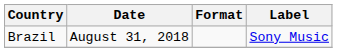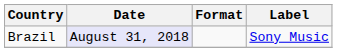 <table class="wikitable sortable plainrowheaders">
 <tr>
 <th>Country</th>
 <th>Date</th>
 <th>Format</th>
 <th>Label</th>
 </tr>
 <tr>
 <td>Brazil</td>
-<td>August 31, 2018</td>
+<td style="background: lavender;">August 31, 2018</td>
 <td></td>
 <td align="center"><a href='#'>Sony Music</a></td>
 </tr>
 <tr>
 </tr>
 </table>
